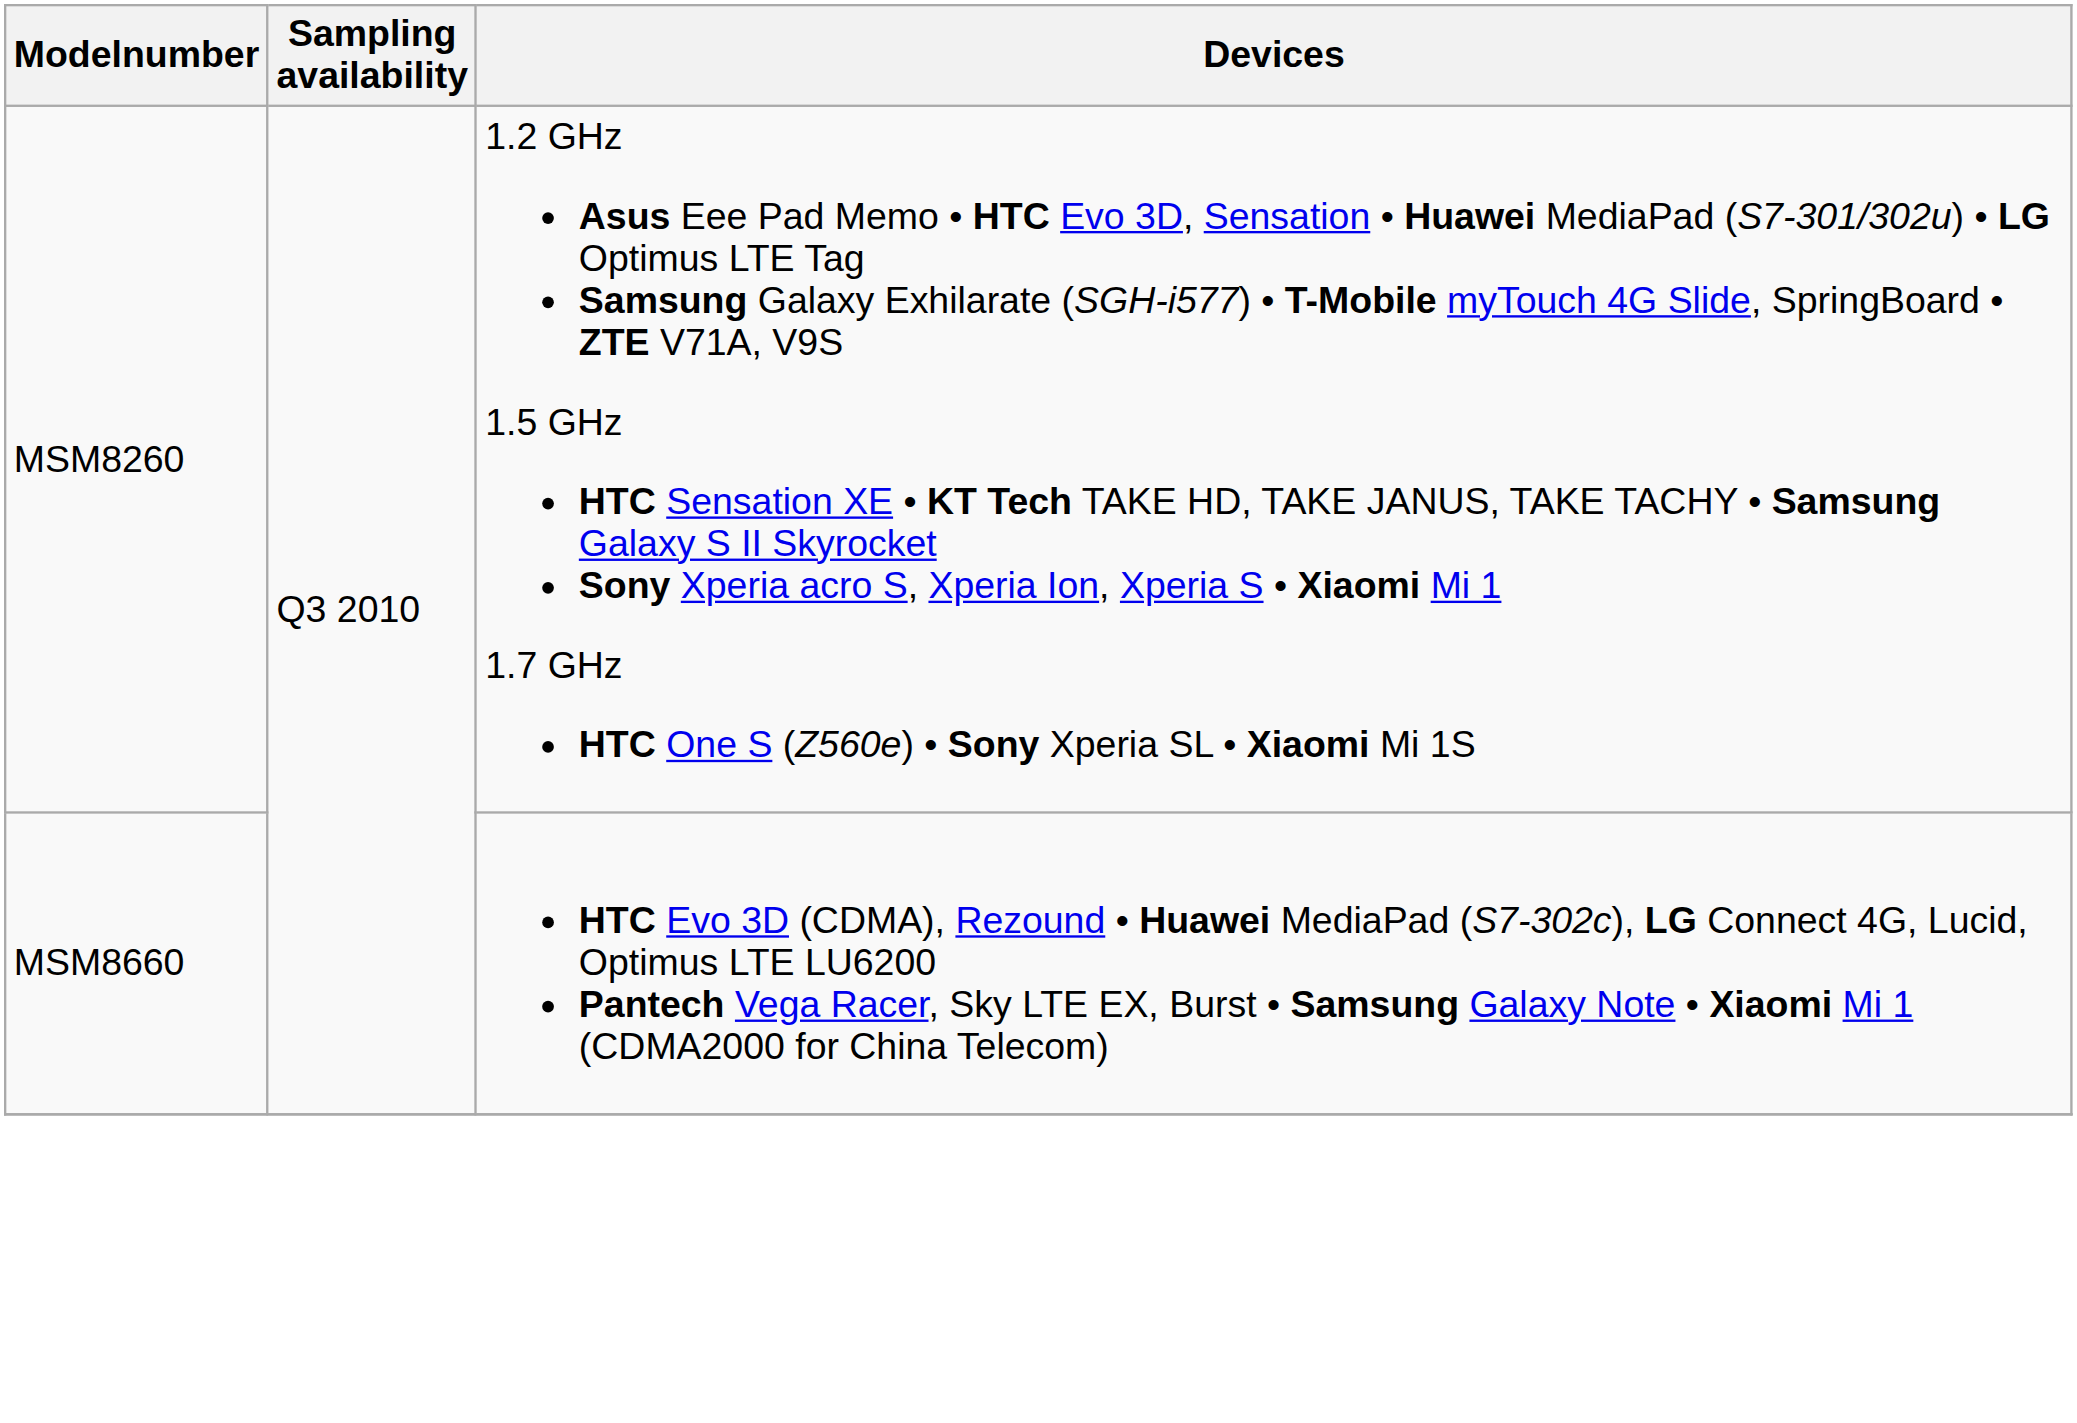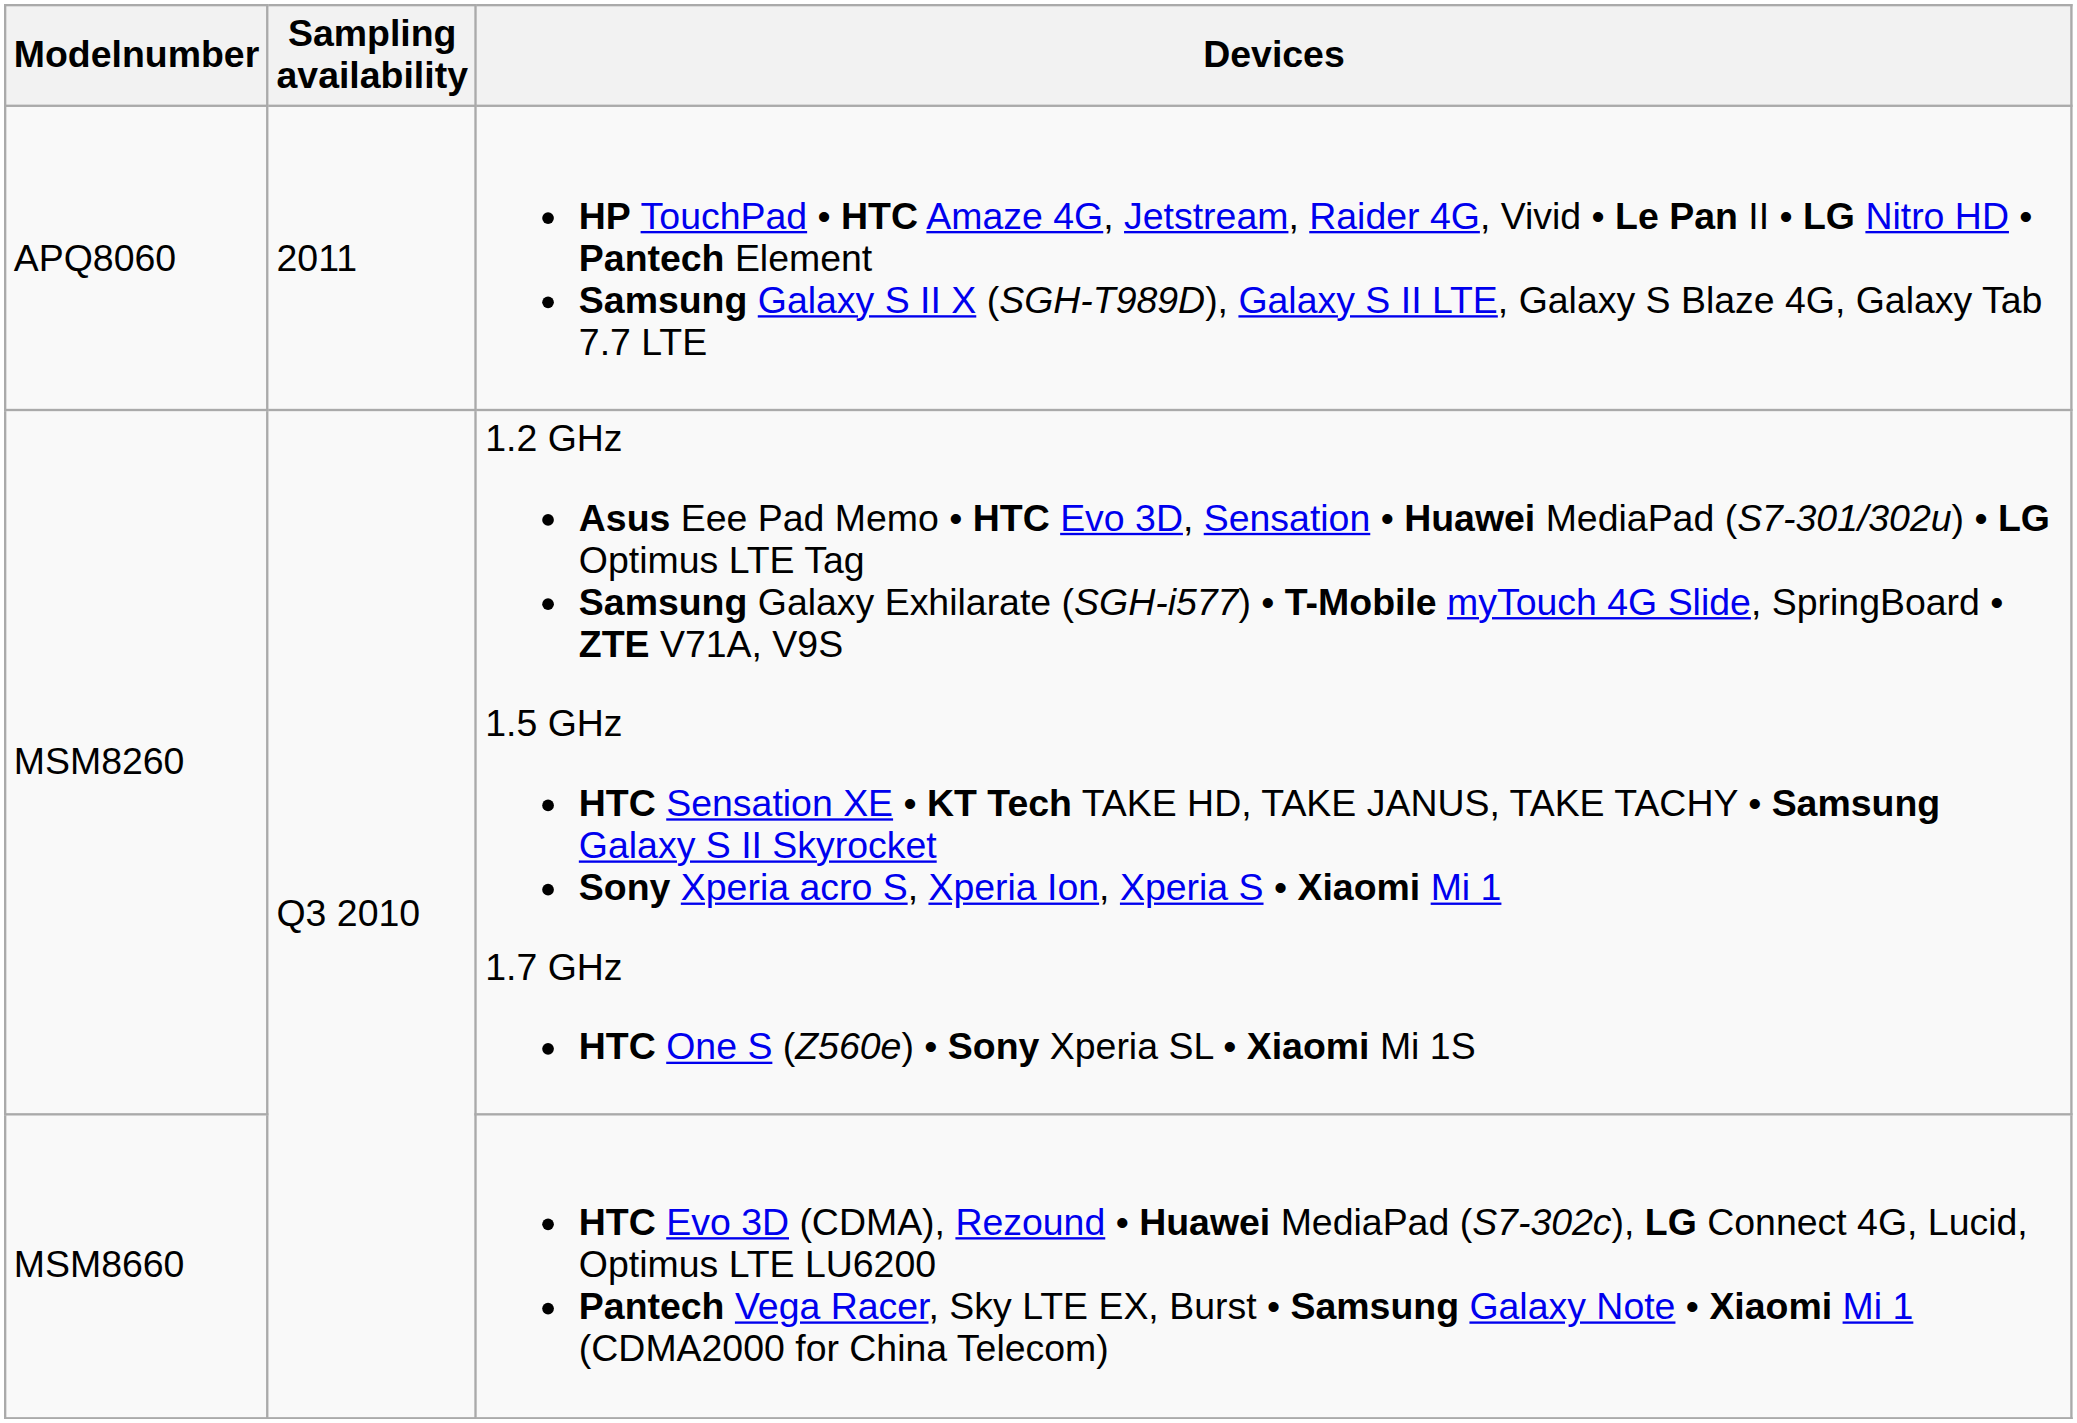 <table class="wikitable" style="width:100%">
 <tr>
 <th>Modelnumber</th>
 <th>Sampling<br>availability</th>
 <th>Devices</th>
+</tr>
+<tr>
+<td>APQ8060</td>
+<td rowspan="1">2011</td>
+<td><br><ul><li><strong>HP</strong> <a href='#'>TouchPad</a> • <strong>HTC</strong> <a href='#'>Amaze 4G</a>, <a href='#'>Jetstream</a>, <a href='#'>Raider 4G</a>, Vivid • <strong>Le Pan</strong> II • <strong>LG</strong> <a href='#'>Nitro HD</a> • <strong>Pantech</strong> Element</li><li><strong>Samsung</strong> <a href='#'>Galaxy S II X</a> (<em>SGH-T989D</em>), <a href='#'>Galaxy S II LTE</a>, Galaxy S Blaze 4G, Galaxy Tab 7.7 LTE</li></ul></td>
 </tr>
 <tr>
 <td>MSM8260</td>
 <td rowspan="2">Q3 2010</td>
 <td>1.2 GHz<br><ul><li><strong>Asus</strong> Eee Pad Memo • <strong>HTC</strong> <a href='#'>Evo 3D</a>, <a href='#'>Sensation</a> • <strong>Huawei</strong> MediaPad (<em>S7-301/302u</em>) • <strong>LG</strong> Optimus LTE Tag</li><li><strong>Samsung</strong> Galaxy Exhilarate (<em>SGH-i577</em>) • <strong>T-Mobile</strong> <a href='#'>myTouch 4G Slide</a>, SpringBoard • <strong>ZTE</strong> V71A, V9S</li></ul>1.5 GHz<ul><li><strong>HTC</strong> <a href='#'>Sensation XE</a> • <strong>KT Tech</strong> TAKE HD, TAKE JANUS, TAKE TACHY • <strong>Samsung</strong> <a href='#'>Galaxy S II Skyrocket</a></li><li><strong>Sony</strong> <a href='#'>Xperia acro S</a>, <a href='#'>Xperia Ion</a>, <a href='#'>Xperia S</a> • <strong>Xiaomi</strong> <a href='#'>Mi 1</a></li></ul>1.7 GHz<ul><li><strong>HTC</strong> <a href='#'>One S</a> (<em>Z560e</em>) • <strong>Sony</strong> Xperia SL • <strong>Xiaomi</strong> Mi 1S</li></ul></td>
 </tr>
 <tr>
 <td>MSM8660</td>
 <td><br><ul><li><strong>HTC</strong> <a href='#'>Evo 3D</a> (CDMA), <a href='#'>Rezound</a> • <strong>Huawei</strong> MediaPad (<em>S7-302c</em>), <strong>LG</strong> Connect 4G, Lucid, Optimus LTE LU6200</li><li><strong>Pantech</strong> <a href='#'>Vega Racer</a>, Sky LTE EX, Burst • <strong>Samsung</strong> <a href='#'>Galaxy Note</a> • <strong>Xiaomi</strong> <a href='#'>Mi 1</a> (CDMA2000 for China Telecom)</li></ul></td>
 </tr>
 <tr>
 </tr>
 </table>
